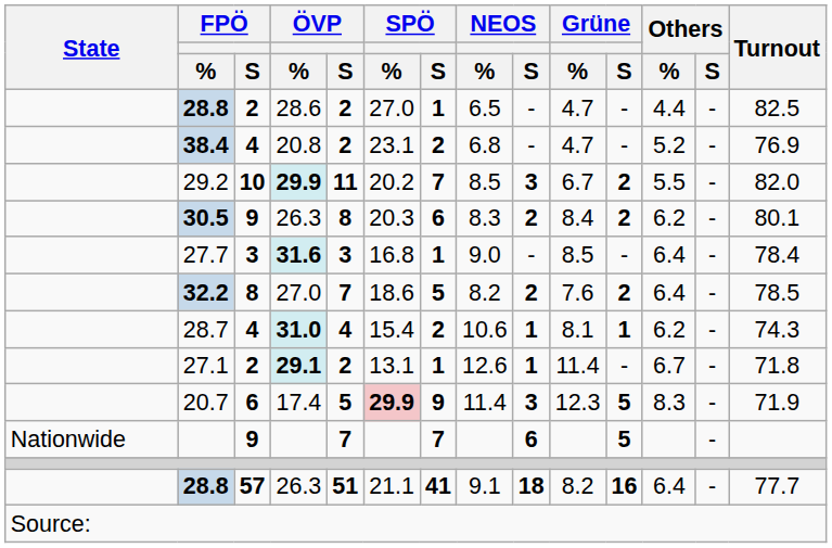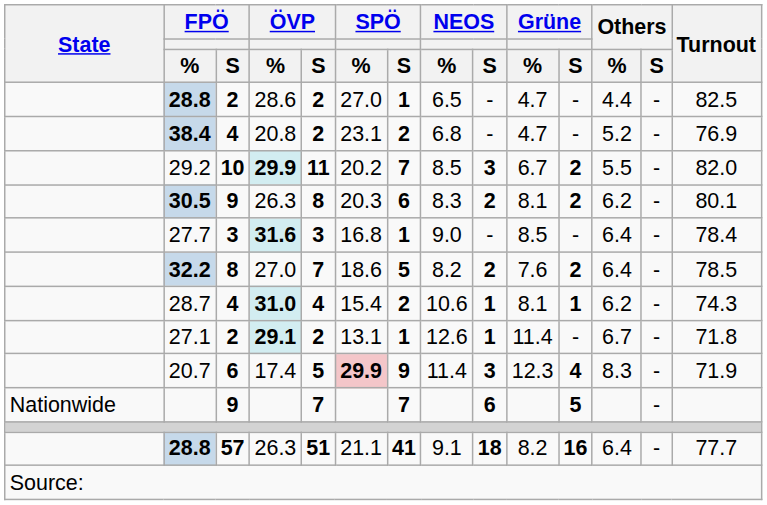 <table class="wikitable sortable" style="text-align:center;font-size:90%;line-height:16px">
 <tr>
 <th style="width:100px;" rowspan="3"><a href='#'>State</a></th>
 <th colspan="2" style="width:40px;" class="unsortable"><a href='#'>FPÖ</a></th>
 <th colspan="2" style="width:40px;" class="unsortable"><a href='#'>ÖVP</a></th>
 <th colspan="2" style="width:40px;" class="unsortable"><a href='#'>SPÖ</a></th>
 <th colspan="2" style="width:40px;" class="unsortable"><a href='#'>NEOS</a></th>
 <th colspan="2" style="width:40px;" class="unsortable"><a href='#'>Grüne</a></th>
 <th colspan="2" rowspan="2" style="width:40px;">Others</th>
 <th rowspan="3" style="width:40px;">Turnout</th>
 </tr>
 <tr>
 <th colspan="2" style="background:"></th>
 <th colspan="2" style="background:"></th>
 <th colspan="2" style="background:"></th>
 <th colspan="2" style="background:"></th>
 <th colspan="2" style="background:"></th>
 </tr>
 <tr>
 <th>%</th>
 <th>S</th>
 <th>%</th>
 <th>S</th>
 <th>%</th>
 <th>S</th>
 <th>%</th>
 <th>S</th>
 <th>%</th>
 <th>S</th>
 <th>%</th>
 <th>S</th>
 </tr>
 <tr>
 <td align="left"></td>
 <td bgcolor=#C6D9EA><strong>28.8</strong></td>
 <td><strong>2</strong></td>
 <td>28.6</td>
 <td><strong>2</strong></td>
 <td>27.0</td>
 <td><strong>1</strong></td>
 <td>6.5</td>
 <td>-</td>
 <td>4.7</td>
 <td>-</td>
 <td>4.4</td>
 <td>-</td>
 <td>82.5</td>
 </tr>
 <tr>
 <td align="left"></td>
 <td bgcolor=#C6D9EA><strong>38.4</strong></td>
 <td><strong>4</strong></td>
 <td>20.8</td>
 <td><strong>2</strong></td>
 <td>23.1</td>
 <td><strong>2</strong></td>
 <td>6.8</td>
 <td>-</td>
 <td>4.7</td>
 <td>-</td>
 <td>5.2</td>
 <td>-</td>
 <td>76.9</td>
 </tr>
 <tr>
 <td align="left"></td>
 <td>29.2</td>
 <td><strong>10</strong></td>
 <td bgcolor=#D2EDF1><strong>29.9</strong></td>
 <td><strong>11</strong></td>
 <td>20.2</td>
 <td><strong>7</strong></td>
 <td>8.5</td>
 <td><strong>3</strong></td>
 <td>6.7</td>
 <td><strong>2</strong></td>
 <td>5.5</td>
 <td>-</td>
 <td>82.0</td>
 </tr>
 <tr>
 <td align="left"></td>
 <td bgcolor=#C6D9EA><strong>30.5</strong></td>
 <td><strong>9</strong></td>
 <td>26.3</td>
 <td><strong>8</strong></td>
 <td>20.3</td>
 <td><strong>6</strong></td>
 <td>8.3</td>
 <td><strong>2</strong></td>
-<td>8.4</td>
+<td>8.1</td>
 <td><strong>2</strong></td>
 <td>6.2</td>
 <td>-</td>
 <td>80.1</td>
 </tr>
 <tr>
 <td align="left"></td>
 <td>27.7</td>
 <td><strong>3</strong></td>
 <td bgcolor=#D2EDF1><strong>31.6</strong></td>
 <td><strong>3</strong></td>
 <td>16.8</td>
 <td><strong>1</strong></td>
 <td>9.0</td>
 <td>-</td>
 <td>8.5</td>
 <td>-</td>
 <td>6.4</td>
 <td>-</td>
 <td>78.4</td>
 </tr>
 <tr>
 <td align="left"></td>
 <td bgcolor=#C6D9EA><strong>32.2</strong></td>
 <td><strong>8</strong></td>
 <td>27.0</td>
 <td><strong>7</strong></td>
 <td>18.6</td>
 <td><strong>5</strong></td>
 <td>8.2</td>
 <td><strong>2</strong></td>
 <td>7.6</td>
 <td><strong>2</strong></td>
 <td>6.4</td>
 <td>-</td>
 <td>78.5</td>
 </tr>
 <tr>
 <td align="left"></td>
 <td>28.7</td>
 <td><strong>4</strong></td>
 <td bgcolor=#D2EDF1><strong>31.0</strong></td>
 <td><strong>4</strong></td>
 <td>15.4</td>
 <td><strong>2</strong></td>
 <td>10.6</td>
 <td><strong>1</strong></td>
 <td>8.1</td>
 <td><strong>1</strong></td>
 <td>6.2</td>
 <td>-</td>
 <td>74.3</td>
 </tr>
 <tr>
 <td align="left"></td>
 <td>27.1</td>
 <td><strong>2</strong></td>
 <td bgcolor=#D2EDF1><strong>29.1</strong></td>
 <td><strong>2</strong></td>
 <td>13.1</td>
 <td><strong>1</strong></td>
 <td>12.6</td>
 <td><strong>1</strong></td>
 <td>11.4</td>
 <td>-</td>
 <td>6.7</td>
 <td>-</td>
 <td>71.8</td>
 </tr>
 <tr>
 <td align="left"></td>
 <td>20.7</td>
 <td><strong>6</strong></td>
 <td>17.4</td>
 <td><strong>5</strong></td>
 <td bgcolor=#F4C6C9><strong>29.9</strong></td>
 <td><strong>9</strong></td>
 <td>11.4</td>
 <td><strong>3</strong></td>
 <td>12.3</td>
-<td><strong>5</strong></td>
+<td><strong>4</strong></td>
 <td>8.3</td>
 <td>-</td>
 <td>71.9</td>
 </tr>
 <tr>
 <td align="left">Nationwide</td>
 <td></td>
 <td><strong>9</strong></td>
 <td></td>
 <td><strong>7</strong></td>
 <td></td>
 <td><strong>7</strong></td>
 <td></td>
 <td><strong>6</strong></td>
 <td></td>
 <td><strong>5</strong></td>
 <td></td>
 <td>-</td>
 <td></td>
 </tr>
 <tr>
 <td colspan="14" bgcolor="lightgrey"></td>
 </tr>
 <tr>
 <td align="left"></td>
 <td bgcolor=#C6D9EA><strong>28.8</strong></td>
 <td><strong>57</strong></td>
 <td>26.3</td>
 <td><strong>51</strong></td>
 <td>21.1</td>
 <td><strong>41</strong></td>
 <td>9.1</td>
 <td><strong>18</strong></td>
 <td>8.2</td>
 <td><strong>16</strong></td>
 <td>6.4</td>
 <td>-</td>
 <td>77.7</td>
 </tr>
 <tr class="sortbottom">
 <td colspan="14" align="left">Source: </td>
 </tr>
 </table>
